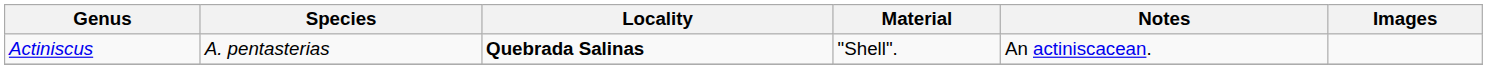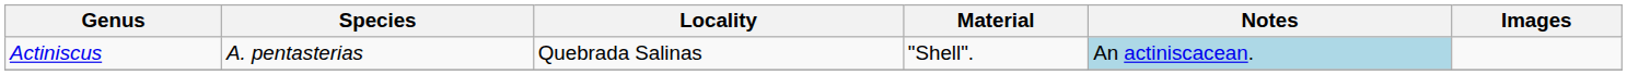 <table class="wikitable" align="center" width="100%">
 <tr>
 <th>Genus</th>
 <th>Species</th>
 <th>Locality</th>
 <th>Material</th>
 <th>Notes</th>
 <th>Images</th>
 </tr>
 <tr>
 <td><em><a href='#'>Actiniscus</a></em></td>
 <td><em>A. pentasterias</em></td>
-<td><strong>Quebrada Salinas</strong></td>
+<td>Quebrada Salinas</td>
 <td>"Shell".</td>
-<td>An <a href='#'>actiniscacean</a>.</td>
+<td style="background: lightblue;">An <a href='#'>actiniscacean</a>.</td>
 <td></td>
 </tr>
 <tr>
 </tr>
 </table>
